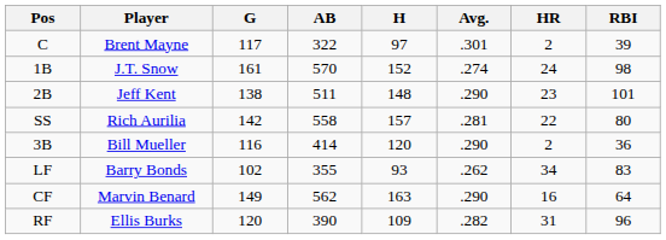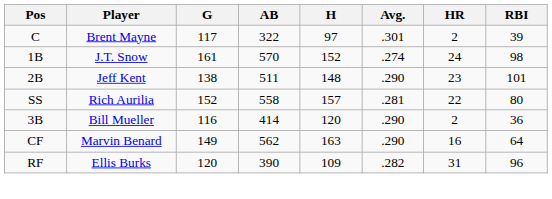 <table class="wikitable sortable">
 <tr>
 <th bgcolor="#DDDDFF" width="9%">Pos</th>
 <th bgcolor="#DDDDFF" width="16%">Player</th>
 <th bgcolor="#DDDDFF" width="9%">G</th>
 <th bgcolor="#DDDDFF" width="9%">AB</th>
 <th bgcolor="#DDDDFF" width="9%">H</th>
 <th bgcolor="#DDDDFF" width="9%">Avg.</th>
 <th bgcolor="#DDDDFF" width="9%">HR</th>
 <th bgcolor="#DDDDFF" width="9%">RBI</th>
 </tr>
 <tr align=center>
 <td>C</td>
 <td><a href='#'>Brent Mayne</a></td>
 <td>117</td>
 <td>322</td>
 <td>97</td>
 <td>.301</td>
 <td>2</td>
 <td>39</td>
 </tr>
 <tr align=center>
 <td>1B</td>
 <td><a href='#'>J.T. Snow</a></td>
 <td>161</td>
 <td>570</td>
 <td>152</td>
 <td>.274</td>
 <td>24</td>
 <td>98</td>
 </tr>
 <tr align=center>
 <td>2B</td>
 <td><a href='#'>Jeff Kent</a></td>
 <td>138</td>
 <td>511</td>
 <td>148</td>
 <td>.290</td>
 <td>23</td>
 <td>101</td>
 </tr>
 <tr align=center>
 <td>SS</td>
 <td><a href='#'>Rich Aurilia</a></td>
-<td>142</td>
+<td>152</td>
 <td>558</td>
 <td>157</td>
 <td>.281</td>
 <td>22</td>
 <td>80</td>
 </tr>
 <tr align=center>
 <td>3B</td>
 <td><a href='#'>Bill Mueller</a></td>
 <td>116</td>
 <td>414</td>
 <td>120</td>
 <td>.290</td>
 <td>2</td>
 <td>36</td>
-</tr>
-<tr align=center>
-<td>LF</td>
-<td><a href='#'>Barry Bonds</a></td>
-<td>102</td>
-<td>355</td>
-<td>93</td>
-<td>.262</td>
-<td>34</td>
-<td>83</td>
 </tr>
 <tr align=center>
 <td>CF</td>
 <td><a href='#'>Marvin Benard</a></td>
 <td>149</td>
 <td>562</td>
 <td>163</td>
 <td>.290</td>
 <td>16</td>
 <td>64</td>
 </tr>
 <tr align=center>
 <td>RF</td>
 <td><a href='#'>Ellis Burks</a></td>
 <td>120</td>
 <td>390</td>
 <td>109</td>
 <td>.282</td>
 <td>31</td>
 <td>96</td>
 </tr>
 </table>
